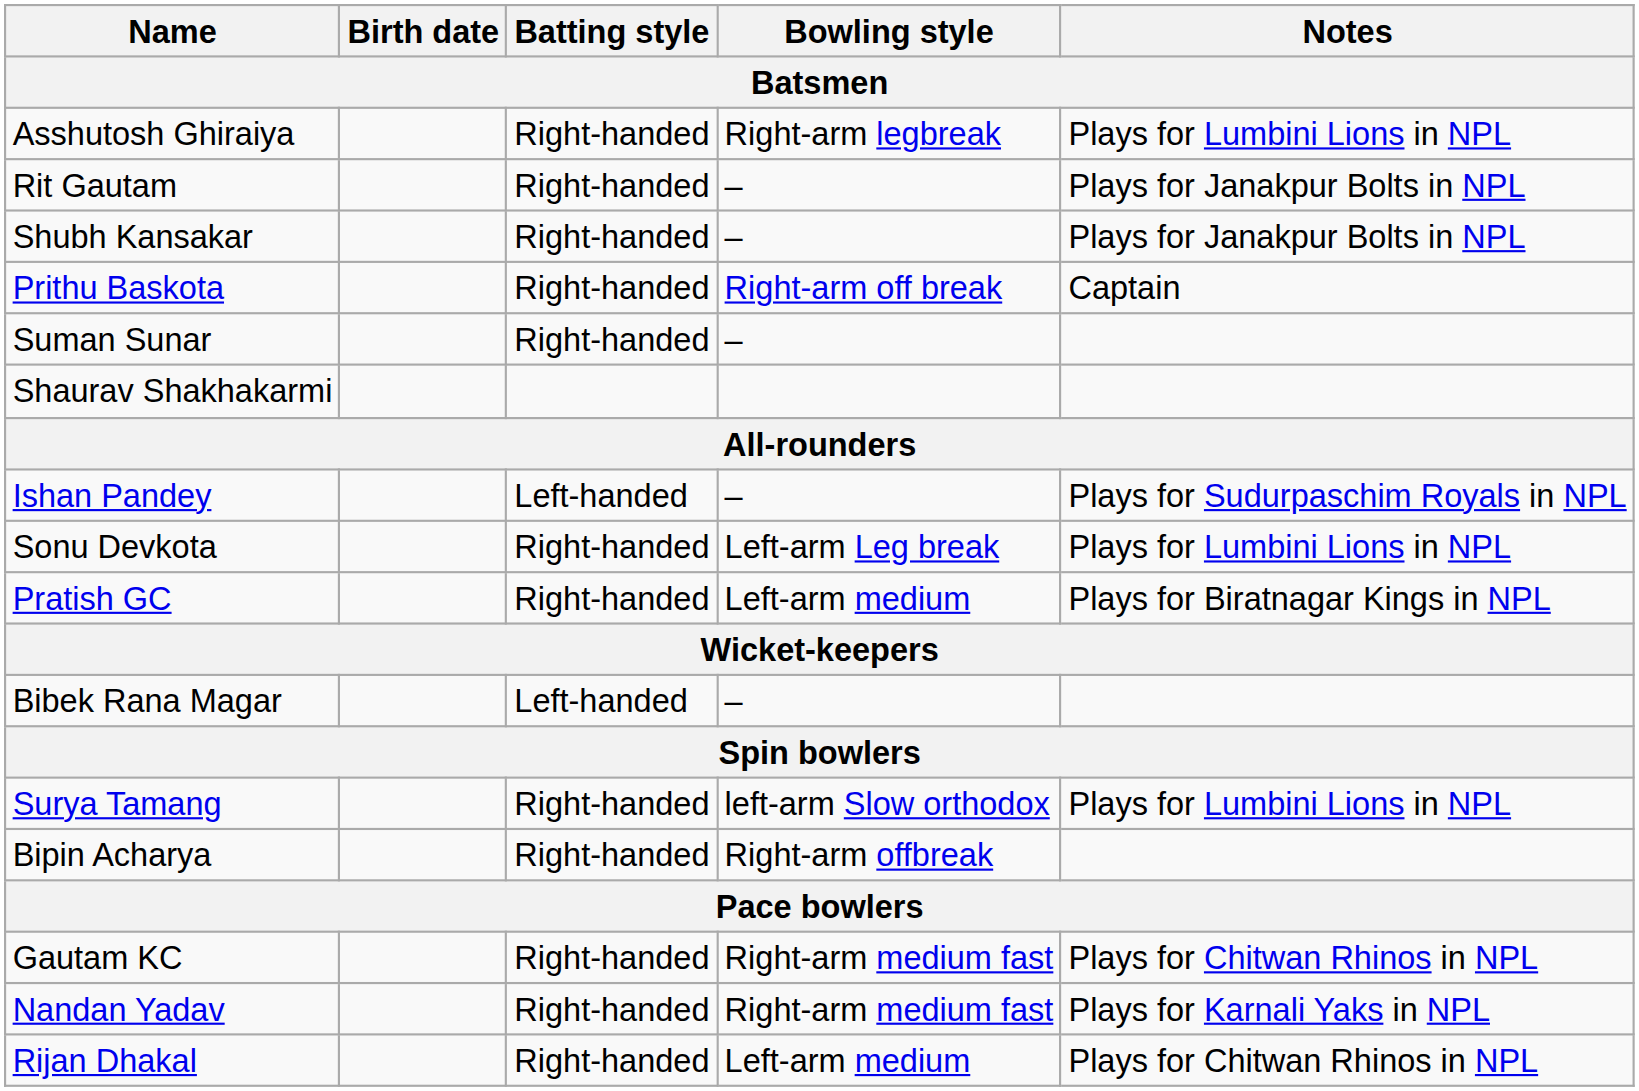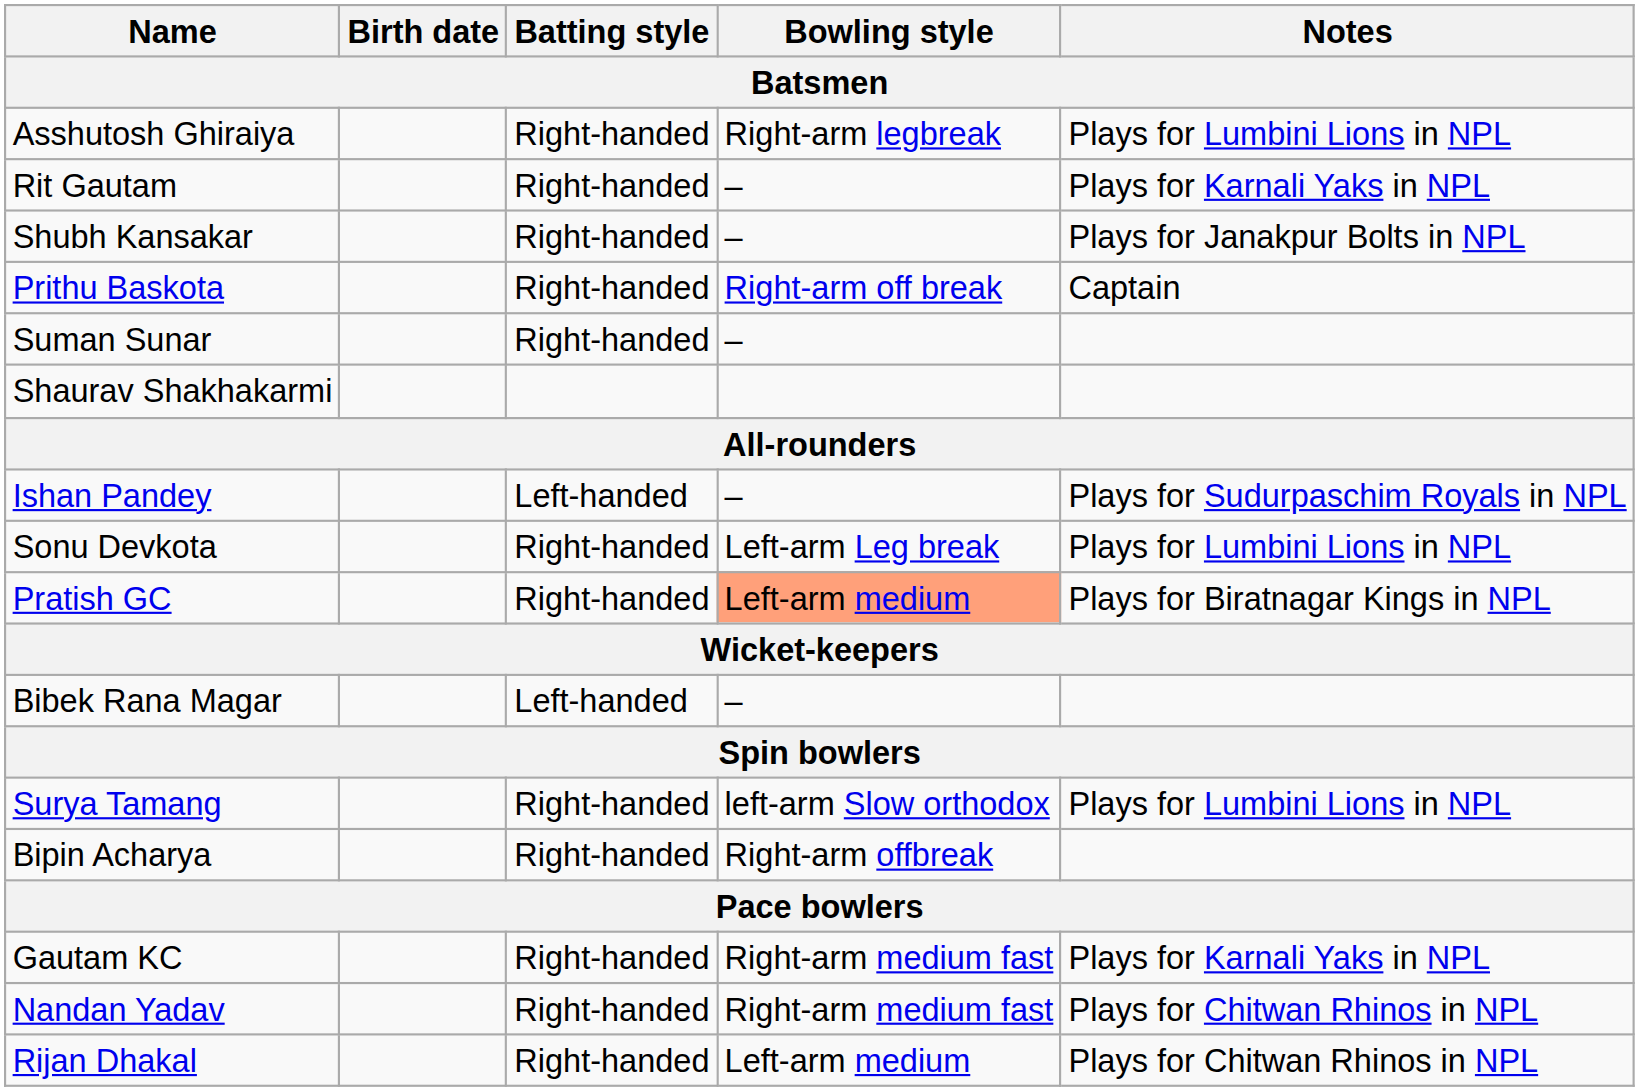 <table class="wikitable" style="font-size:95%;">
 <tr>
 <th>Name</th>
 <th>Birth date</th>
 <th>Batting style</th>
 <th>Bowling style</th>
 <th>Notes</th>
 </tr>
 <tr>
 <th colspan="6">Batsmen</th>
 </tr>
 <tr>
 <td>Asshutosh Ghiraiya</td>
 <td></td>
 <td>Right-handed</td>
 <td>Right-arm <a href='#'>legbreak</a></td>
 <td>Plays for <a href='#'>Lumbini Lions</a> in <a href='#'>NPL</a></td>
 </tr>
 <tr>
 <td>Rit Gautam</td>
 <td></td>
 <td>Right-handed</td>
 <td>–</td>
-<td>Plays for Janakpur Bolts in <a href='#'>NPL</a></td>
+<td>Plays for <a href='#'>Karnali Yaks</a> in <a href='#'>NPL</a></td>
 </tr>
 <tr>
 <td>Shubh Kansakar</td>
 <td></td>
 <td>Right-handed</td>
 <td>–</td>
 <td>Plays for Janakpur Bolts in <a href='#'>NPL</a></td>
 </tr>
 <tr>
 <td><a href='#'>Prithu Baskota</a></td>
 <td></td>
 <td>Right-handed</td>
 <td><a href='#'>Right-arm off break</a></td>
 <td>Captain</td>
 </tr>
 <tr>
 <td>Suman Sunar</td>
 <td></td>
 <td>Right-handed</td>
 <td>–</td>
 <td></td>
 </tr>
 <tr>
 <td>Shaurav Shakhakarmi</td>
 <td></td>
 <td></td>
 <td></td>
 <td></td>
 </tr>
 <tr>
 <th colspan="6">All-rounders</th>
 </tr>
 <tr>
 <td><a href='#'>Ishan Pandey</a></td>
 <td></td>
 <td>Left-handed</td>
 <td>–</td>
 <td>Plays for <a href='#'>Sudurpaschim Royals</a> in <a href='#'>NPL</a></td>
 </tr>
 <tr>
 <td>Sonu Devkota</td>
 <td></td>
 <td>Right-handed</td>
 <td>Left-arm <a href='#'>Leg break</a></td>
 <td>Plays for <a href='#'>Lumbini Lions</a> in <a href='#'>NPL</a></td>
 </tr>
 <tr>
 <td><a href='#'>Pratish GC</a></td>
 <td></td>
 <td>Right-handed</td>
-<td>Left-arm <a href='#'>medium</a></td>
+<td style="background: lightsalmon;">Left-arm <a href='#'>medium</a></td>
 <td>Plays for Biratnagar Kings in <a href='#'>NPL</a></td>
 </tr>
 <tr>
 <th colspan="6">Wicket-keepers</th>
 </tr>
 <tr>
 <td>Bibek Rana Magar</td>
 <td></td>
 <td>Left-handed</td>
 <td>–</td>
 <td></td>
 </tr>
 <tr>
 <th colspan="6">Spin bowlers</th>
 </tr>
 <tr>
 <td><a href='#'>Surya Tamang</a></td>
 <td></td>
 <td>Right-handed</td>
 <td>left-arm <a href='#'>Slow orthodox</a></td>
 <td>Plays for <a href='#'>Lumbini Lions</a> in <a href='#'>NPL</a></td>
 </tr>
 <tr>
 <td>Bipin Acharya</td>
 <td></td>
 <td>Right-handed</td>
 <td>Right-arm <a href='#'>offbreak</a></td>
 <td></td>
 </tr>
 <tr>
 <th colspan="6">Pace bowlers</th>
 </tr>
 <tr>
 <td>Gautam KC</td>
 <td></td>
 <td>Right-handed</td>
 <td>Right-arm <a href='#'>medium fast</a></td>
-<td>Plays for <a href='#'>Chitwan Rhinos</a> in <a href='#'>NPL</a></td>
+<td>Plays for <a href='#'>Karnali Yaks</a> in <a href='#'>NPL</a></td>
 </tr>
 <tr>
 <td><a href='#'>Nandan Yadav</a></td>
 <td></td>
 <td>Right-handed</td>
 <td>Right-arm <a href='#'>medium fast</a></td>
-<td>Plays for <a href='#'>Karnali Yaks</a> in <a href='#'>NPL</a></td>
+<td>Plays for <a href='#'>Chitwan Rhinos</a> in <a href='#'>NPL</a></td>
 </tr>
 <tr>
 <td><a href='#'>Rijan Dhakal</a></td>
 <td></td>
 <td>Right-handed</td>
 <td>Left-arm <a href='#'>medium</a></td>
 <td>Plays for Chitwan Rhinos in <a href='#'>NPL</a></td>
 </tr>
 </table>
